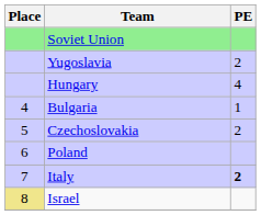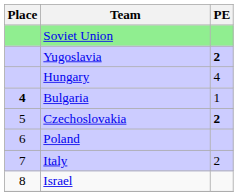 <table class="wikitable">
 <tr>
 <th>Place</th>
 <th width=200>Team</th>
 <th width=20>PE</th>
 </tr>
 <tr bgcolor=lightgreen>
 <td align=center></td>
 <td> <a href='#'>Soviet Union</a></td>
 <td></td>
 </tr>
 <tr bgcolor=#ccccff>
 <td align=center></td>
 <td> <a href='#'>Yugoslavia</a></td>
-<td>2</td>
+<td><strong>2</strong></td>
 </tr>
 <tr bgcolor=#ccccff>
 <td align=center></td>
 <td> <a href='#'>Hungary</a></td>
 <td>4</td>
 </tr>
 <tr bgcolor=#ccccff>
-<td align=center>4</td>
+<td align=center><strong>4</strong></td>
 <td> <a href='#'>Bulgaria</a></td>
 <td>1</td>
 </tr>
 <tr bgcolor=#ccccff>
 <td align=center>5</td>
 <td> <a href='#'>Czechoslovakia</a></td>
-<td>2</td>
+<td><strong>2</strong></td>
 </tr>
 <tr bgcolor=#ccccff>
 <td align=center>6</td>
 <td> <a href='#'>Poland</a></td>
 <td></td>
 </tr>
 <tr bgcolor=#ccccff>
 <td align=center>7</td>
 <td> <a href='#'>Italy</a></td>
-<td><strong>2</strong></td>
+<td>2</td>
 </tr>
 <tr>
-<td align=center style="background: khaki;">8</td>
+<td align=center>8</td>
 <td> <a href='#'>Israel</a></td>
 <td></td>
 </tr>
 <tr>
 </tr>
 </table>
